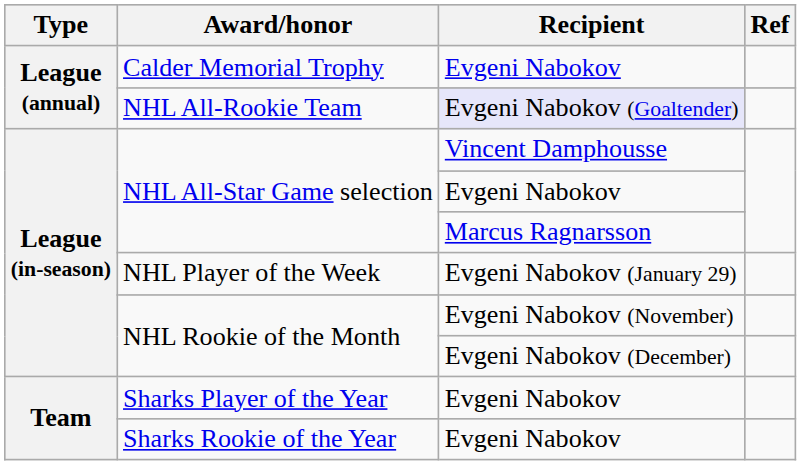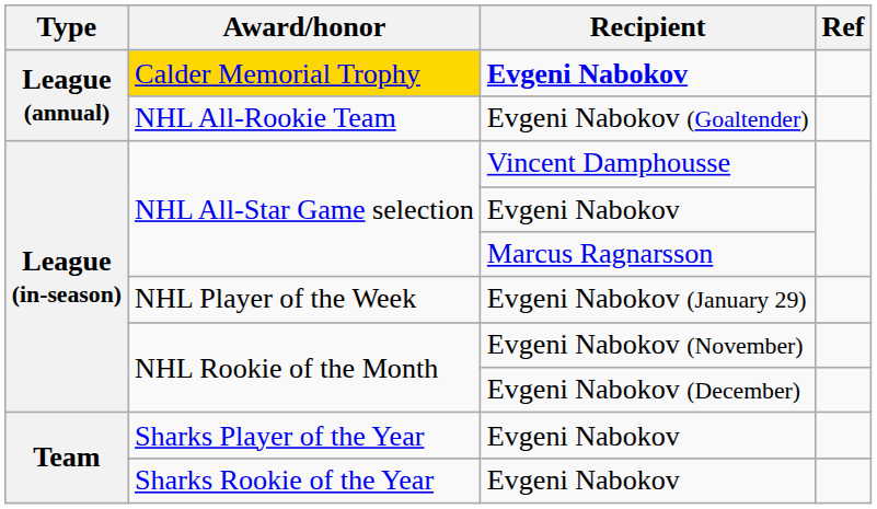 <table class="wikitable">
 <tr>
 <th scope="col">Type</th>
 <th scope="col">Award/honor</th>
 <th scope="col">Recipient</th>
 <th scope="col">Ref</th>
 </tr>
 <tr>
 <th scope="row" rowspan="2">League<br><small>(annual)</small></th>
-<td><a href='#'>Calder Memorial Trophy</a></td>
-<td><a href='#'>Evgeni Nabokov</a></td>
+<td style="background: gold;"><a href='#'>Calder Memorial Trophy</a></td>
+<td><strong><a href='#'>Evgeni Nabokov</a></strong></td>
 <td></td>
 </tr>
 <tr>
 <td><a href='#'>NHL All-Rookie Team</a></td>
-<td style="background: lavender;">Evgeni Nabokov <small>(<a href='#'>Goaltender</a>)</small></td>
+<td>Evgeni Nabokov <small>(<a href='#'>Goaltender</a>)</small></td>
 <td></td>
 </tr>
 <tr>
 <th scope="row" rowspan="6">League<br><small>(in-season)</small></th>
 <td rowspan="3"><a href='#'>NHL All-Star Game</a> selection</td>
 <td><a href='#'>Vincent Damphousse</a></td>
 <td rowspan="3"></td>
 </tr>
 <tr>
 <td>Evgeni Nabokov</td>
 </tr>
 <tr>
 <td><a href='#'>Marcus Ragnarsson</a></td>
 </tr>
 <tr>
 <td>NHL Player of the Week</td>
 <td>Evgeni Nabokov <small>(January 29)</small></td>
 <td></td>
 </tr>
 <tr>
 <td rowspan="2">NHL Rookie of the Month</td>
 <td>Evgeni Nabokov <small>(November)</small></td>
 <td></td>
 </tr>
 <tr>
 <td>Evgeni Nabokov <small>(December)</small></td>
 <td></td>
 </tr>
 <tr>
 <th scope="row" rowspan="2">Team</th>
 <td><a href='#'>Sharks Player of the Year</a></td>
 <td>Evgeni Nabokov</td>
 <td></td>
 </tr>
 <tr>
 <td><a href='#'>Sharks Rookie of the Year</a></td>
 <td>Evgeni Nabokov</td>
 <td></td>
 </tr>
 </table>
